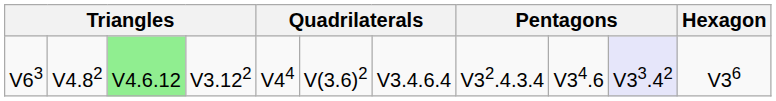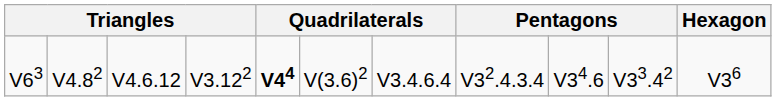 <table class=wikitable>
 <tr>
 <th colspan=4>Triangles</th>
 <th colspan=3>Quadrilaterals</th>
 <th colspan=3>Pentagons</th>
 <th>Hexagon</th>
 </tr>
 <tr valign=bottom align=center>
 <td><br>V6<sup>3</sup><br></td>
 <td><br>V4.8<sup>2</sup><br></td>
-<td style="background: lightgreen;"><br>V4.6.12<br></td>
+<td><br>V4.6.12<br></td>
 <td><br>V3.12<sup>2<br></sup></td>
-<td><br>V4<sup>4</sup><br></td>
+<td><strong><br>V4<sup>4</sup><br></strong></td>
 <td><br>V(3.6)<sup>2</sup><br></td>
 <td><br>V3.4.6.4<br></td>
 <td><br>V3<sup>2</sup>.4.3.4<br></td>
 <td><br>V3<sup>4</sup>.6<br></td>
-<td style="background: lavender;"><br>V3<sup>3</sup>.4<sup>2</sup><br></td>
+<td><br>V3<sup>3</sup>.4<sup>2</sup><br></td>
 <td><br>V3<sup>6</sup><br></td>
 </tr>
 </table>
